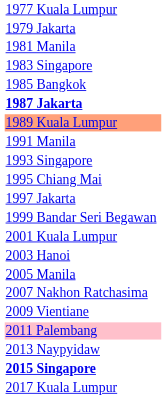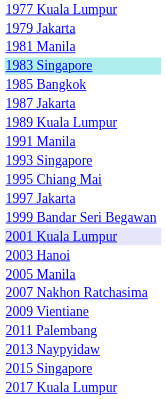 <table>
 <tr>
 <td width=180><a href='#'>1977 Kuala Lumpur</a> <br> </td>
 <td width=170></td>
 <td></td>
 <td width=170></td>
 <td></td>
 <td width=170></td>
 <td></td>
 </tr>
 <tr>
 <td><a href='#'>1979 Jakarta</a> <br> </td>
 <td></td>
 <td></td>
 <td></td>
 <td></td>
 <td></td>
 <td></td>
 </tr>
 <tr>
 <td><a href='#'>1981 Manila</a> <br> </td>
 <td></td>
 <td></td>
 <td></td>
 <td></td>
 <td></td>
 <td></td>
 </tr>
 <tr>
-<td><a href='#'>1983 Singapore</a> <br> </td>
+<td style="background: paleturquoise;"><a href='#'>1983 Singapore</a> <br> </td>
 <td></td>
 <td></td>
 <td></td>
 <td></td>
 <td></td>
 <td></td>
 </tr>
 <tr>
 <td><a href='#'>1985 Bangkok</a> <br> </td>
 <td></td>
 <td></td>
 <td></td>
 <td></td>
 <td></td>
 <td></td>
 </tr>
 <tr>
-<td><strong><a href='#'>1987 Jakarta</a> <br> </strong></td>
+<td><a href='#'>1987 Jakarta</a> <br> </td>
 <td></td>
 <td></td>
 <td></td>
 <td></td>
 <td></td>
 <td></td>
 </tr>
 <tr>
-<td style="background: lightsalmon;"><a href='#'>1989 Kuala Lumpur</a> <br> </td>
+<td><a href='#'>1989 Kuala Lumpur</a> <br> </td>
 <td></td>
 <td></td>
 <td></td>
 <td></td>
 <td></td>
 <td></td>
 </tr>
 <tr>
 <td><a href='#'>1991 Manila</a> <br> </td>
 <td></td>
 <td></td>
 <td></td>
 <td></td>
 <td></td>
 <td></td>
 </tr>
 <tr>
 <td><a href='#'>1993 Singapore</a> <br> </td>
 <td></td>
 <td></td>
 <td></td>
 <td></td>
 <td></td>
 <td></td>
 </tr>
 <tr>
 <td><a href='#'>1995 Chiang Mai</a> <br> </td>
 <td></td>
 <td></td>
 <td></td>
 <td></td>
 <td></td>
 <td></td>
 </tr>
 <tr>
 <td><a href='#'>1997 Jakarta</a> <br> </td>
 <td></td>
 <td></td>
 <td></td>
 <td></td>
 <td></td>
 <td></td>
 </tr>
 <tr>
 <td><a href='#'>1999 Bandar Seri Begawan</a> <br> </td>
 <td></td>
 <td></td>
 <td></td>
 <td></td>
 <td></td>
 <td></td>
 </tr>
 <tr>
-<td><a href='#'>2001 Kuala Lumpur</a> <br> </td>
+<td style="background: lavender;"><a href='#'>2001 Kuala Lumpur</a> <br> </td>
 <td></td>
 <td></td>
 <td></td>
 <td></td>
 <td></td>
 <td></td>
 </tr>
 <tr>
 <td><a href='#'>2003 Hanoi</a> <br> </td>
 <td></td>
 <td></td>
 <td></td>
 <td></td>
 <td></td>
 <td></td>
 </tr>
 <tr>
 <td><a href='#'>2005 Manila</a> <br> </td>
 <td></td>
 <td></td>
 <td></td>
 <td></td>
 <td></td>
 <td></td>
 </tr>
 <tr>
 <td><a href='#'>2007 Nakhon Ratchasima</a> <br> </td>
 <td></td>
 <td></td>
 <td></td>
 <td></td>
 <td></td>
 <td></td>
 </tr>
 <tr>
 <td><a href='#'>2009 Vientiane</a> <br> </td>
 <td></td>
 <td></td>
 <td></td>
 <td></td>
 <td></td>
 <td></td>
 </tr>
 <tr>
-<td style="background: pink;"><a href='#'>2011 Palembang</a> <br> </td>
+<td><a href='#'>2011 Palembang</a> <br> </td>
 <td></td>
 <td></td>
 <td></td>
 <td></td>
 <td></td>
 <td></td>
 </tr>
 <tr>
 <td><a href='#'>2013 Naypyidaw</a> <br> </td>
 <td></td>
 <td></td>
 <td></td>
 <td></td>
 <td></td>
 <td></td>
 </tr>
 <tr>
-<td><strong><a href='#'>2015 Singapore</a> <br> </strong></td>
+<td><a href='#'>2015 Singapore</a> <br> </td>
 <td></td>
 <td></td>
 <td></td>
 <td></td>
 <td></td>
 <td></td>
 </tr>
 <tr>
 <td><a href='#'>2017 Kuala Lumpur</a> <br> </td>
 <td></td>
 <td></td>
 <td></td>
 <td></td>
 <td></td>
 <td></td>
 </tr>
 <tr>
 </tr>
 </table>
